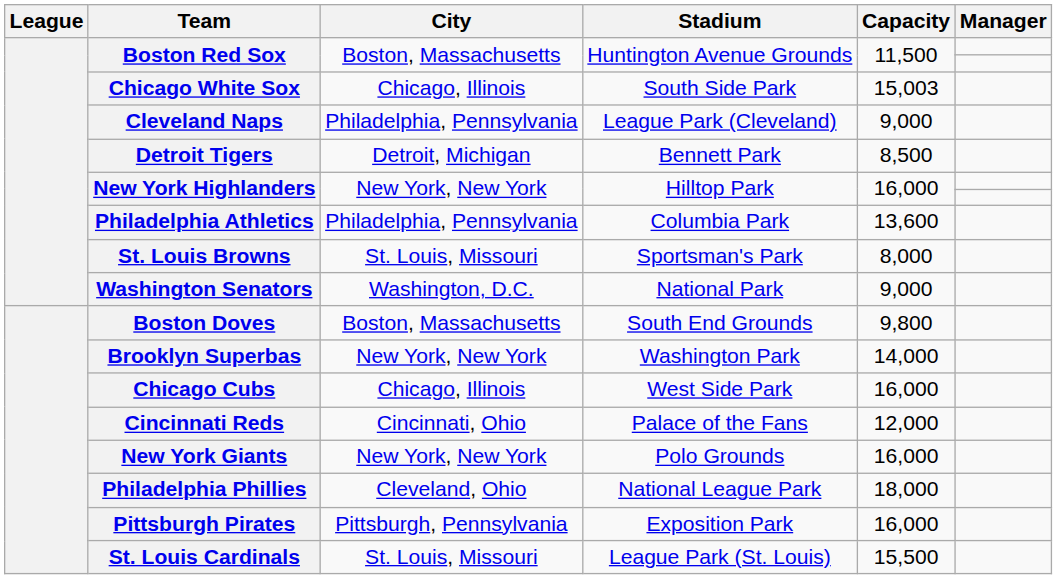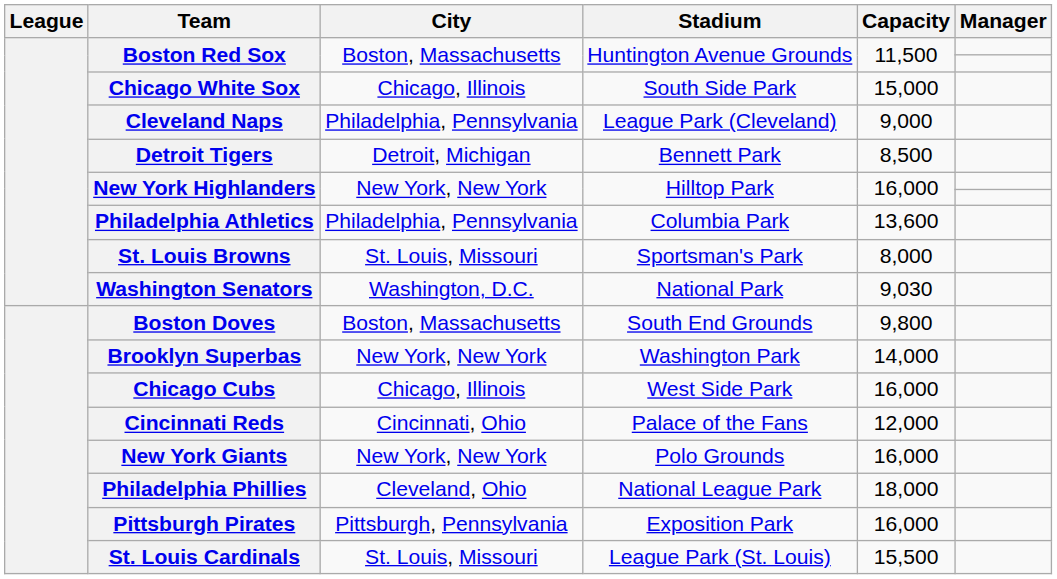 <table class="wikitable sortable plainrowheaders" style="text-align:center;">
 <tr>
 <th scope="col">League</th>
 <th scope="col">Team</th>
 <th scope="col">City</th>
 <th scope="col">Stadium</th>
 <th scope="col">Capacity</th>
 <th scope="col">Manager</th>
 </tr>
 <tr>
 <th rowspan="10"></th>
 <th rowspan="2" scope="row"><a href='#'>Boston Red Sox</a></th>
 <td rowspan="2"><a href='#'>Boston</a>, <a href='#'>Massachusetts</a></td>
 <td rowspan="2"><a href='#'>Huntington Avenue Grounds</a></td>
 <td rowspan="2">11,500</td>
 <td></td>
 </tr>
 <tr>
 <td></td>
 </tr>
 <tr>
 <th scope="row"><a href='#'>Chicago White Sox</a></th>
 <td><a href='#'>Chicago</a>, <a href='#'>Illinois</a></td>
 <td><a href='#'>South Side Park</a></td>
-<td>15,003</td>
+<td>15,000</td>
 <td></td>
 </tr>
 <tr>
 <th scope="row"><a href='#'>Cleveland Naps</a></th>
 <td><a href='#'>Philadelphia</a>, <a href='#'>Pennsylvania</a></td>
 <td><a href='#'>League Park (Cleveland)</a></td>
 <td>9,000</td>
 <td></td>
 </tr>
 <tr>
 <th scope="row"><a href='#'>Detroit Tigers</a></th>
 <td><a href='#'>Detroit</a>, <a href='#'>Michigan</a></td>
 <td><a href='#'>Bennett Park</a></td>
 <td>8,500</td>
 <td></td>
 </tr>
 <tr>
 <th rowspan="2" scope="row"><a href='#'>New York Highlanders</a></th>
 <td rowspan="2"><a href='#'>New York</a>, <a href='#'>New York</a></td>
 <td rowspan="2"><a href='#'>Hilltop Park</a></td>
 <td rowspan="2">16,000</td>
 <td></td>
 </tr>
 <tr>
 <td></td>
 </tr>
 <tr>
 <th scope="row"><a href='#'>Philadelphia Athletics</a></th>
 <td><a href='#'>Philadelphia</a>, <a href='#'>Pennsylvania</a></td>
 <td><a href='#'>Columbia Park</a></td>
 <td>13,600</td>
 <td></td>
 </tr>
 <tr>
 <th scope="row"><a href='#'>St. Louis Browns</a></th>
 <td><a href='#'>St. Louis</a>, <a href='#'>Missouri</a></td>
 <td><a href='#'>Sportsman's Park</a></td>
 <td>8,000</td>
 <td></td>
 </tr>
 <tr>
 <th scope="row"><a href='#'>Washington Senators</a></th>
 <td><a href='#'>Washington, D.C.</a></td>
 <td><a href='#'>National Park</a></td>
-<td>9,000</td>
+<td>9,030</td>
 <td></td>
 </tr>
 <tr>
 <th rowspan="8"></th>
 <th scope="row"><a href='#'>Boston Doves</a></th>
 <td><a href='#'>Boston</a>, <a href='#'>Massachusetts</a></td>
 <td><a href='#'>South End Grounds</a></td>
 <td>9,800</td>
 <td></td>
 </tr>
 <tr>
 <th scope="row"><a href='#'>Brooklyn Superbas</a></th>
 <td><a href='#'>New York</a>, <a href='#'>New York</a></td>
 <td><a href='#'>Washington Park</a></td>
 <td>14,000</td>
 <td></td>
 </tr>
 <tr>
 <th scope="row"><a href='#'>Chicago Cubs</a></th>
 <td><a href='#'>Chicago</a>, <a href='#'>Illinois</a></td>
 <td><a href='#'>West Side Park</a></td>
 <td>16,000</td>
 <td></td>
 </tr>
 <tr>
 <th scope="row"><a href='#'>Cincinnati Reds</a></th>
 <td><a href='#'>Cincinnati</a>, <a href='#'>Ohio</a></td>
 <td><a href='#'>Palace of the Fans</a></td>
 <td>12,000</td>
 <td></td>
 </tr>
 <tr>
 <th scope="row"><a href='#'>New York Giants</a></th>
 <td><a href='#'>New York</a>, <a href='#'>New York</a></td>
 <td><a href='#'>Polo Grounds</a></td>
 <td>16,000</td>
 <td></td>
 </tr>
 <tr>
 <th scope="row"><a href='#'>Philadelphia Phillies</a></th>
 <td><a href='#'>Cleveland</a>, <a href='#'>Ohio</a></td>
 <td><a href='#'>National League Park</a></td>
 <td>18,000</td>
 <td></td>
 </tr>
 <tr>
 <th scope="row"><a href='#'>Pittsburgh Pirates</a></th>
 <td><a href='#'>Pittsburgh</a>, <a href='#'>Pennsylvania</a></td>
 <td><a href='#'>Exposition Park</a></td>
 <td>16,000</td>
 <td></td>
 </tr>
 <tr>
 <th scope="row"><a href='#'>St. Louis Cardinals</a></th>
 <td><a href='#'>St. Louis</a>, <a href='#'>Missouri</a></td>
 <td><a href='#'>League Park (St. Louis)</a></td>
 <td>15,500</td>
 <td></td>
 </tr>
 </table>
